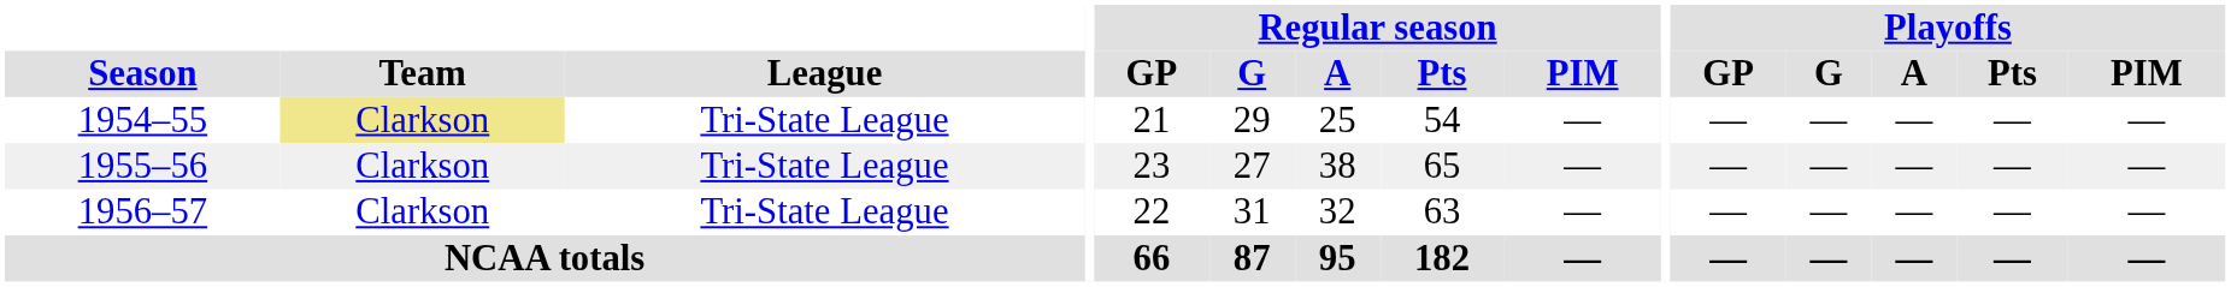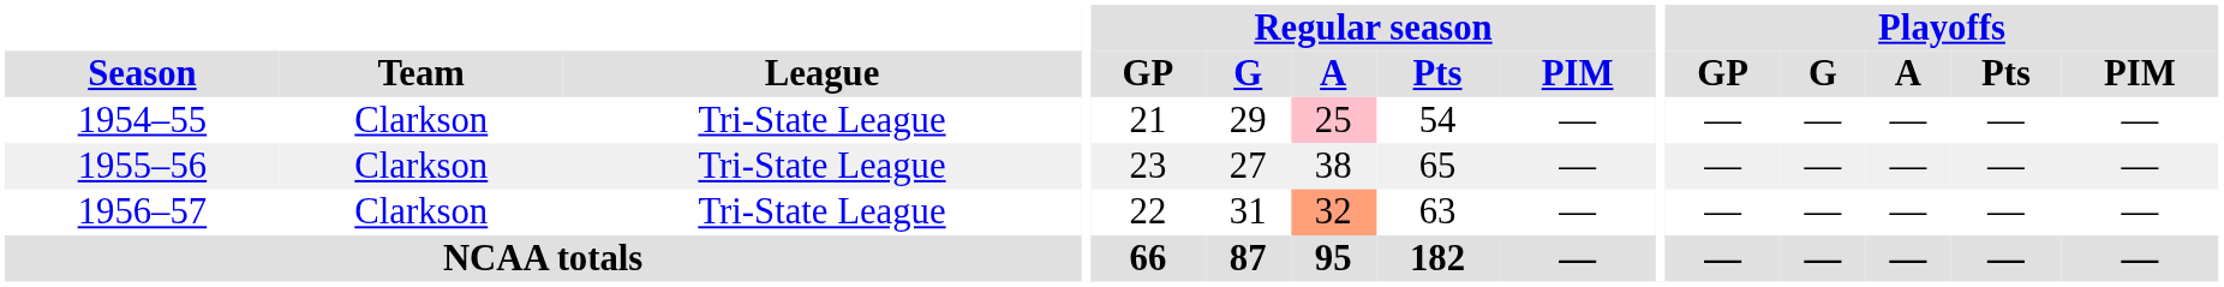 <table border="0" cellpadding="1" cellspacing="0" style="text-align:center; width:60em">
 <tr bgcolor="#e0e0e0">
 <th colspan="3" bgcolor="#ffffff"></th>
 <th rowspan="99" bgcolor="#ffffff"></th>
 <th colspan="5"><a href='#'>Regular season</a></th>
 <th rowspan="99" bgcolor="#ffffff"></th>
 <th colspan="5"><a href='#'>Playoffs</a></th>
 </tr>
 <tr bgcolor="#e0e0e0">
 <th><a href='#'>Season</a></th>
 <th>Team</th>
 <th>League</th>
 <th>GP</th>
 <th><a href='#'>G</a></th>
 <th><a href='#'>A</a></th>
 <th><a href='#'>Pts</a></th>
 <th><a href='#'>PIM</a></th>
 <th>GP</th>
 <th>G</th>
 <th>A</th>
 <th>Pts</th>
 <th>PIM</th>
 </tr>
 <tr>
 <td><a href='#'>1954–55</a></td>
-<td style="background: khaki;"><a href='#'>Clarkson</a></td>
+<td><a href='#'>Clarkson</a></td>
 <td><a href='#'>Tri-State League</a></td>
 <td>21</td>
 <td>29</td>
-<td>25</td>
+<td style="background: pink;">25</td>
 <td>54</td>
 <td>—</td>
 <td>—</td>
 <td>—</td>
 <td>—</td>
 <td>—</td>
 <td>—</td>
 </tr>
 <tr bgcolor="f0f0f0">
 <td><a href='#'>1955–56</a></td>
 <td><a href='#'>Clarkson</a></td>
 <td><a href='#'>Tri-State League</a></td>
 <td>23</td>
 <td>27</td>
 <td>38</td>
 <td>65</td>
 <td>—</td>
 <td>—</td>
 <td>—</td>
 <td>—</td>
 <td>—</td>
 <td>—</td>
 </tr>
 <tr>
 <td><a href='#'>1956–57</a></td>
 <td><a href='#'>Clarkson</a></td>
 <td><a href='#'>Tri-State League</a></td>
 <td>22</td>
 <td>31</td>
-<td>32</td>
+<td style="background: lightsalmon;">32</td>
 <td>63</td>
 <td>—</td>
 <td>—</td>
 <td>—</td>
 <td>—</td>
 <td>—</td>
 <td>—</td>
 </tr>
 <tr bgcolor="#e0e0e0">
 <th colspan="3">NCAA totals</th>
 <th>66</th>
 <th>87</th>
 <th>95</th>
 <th>182</th>
 <th>—</th>
 <th>—</th>
 <th>—</th>
 <th>—</th>
 <th>—</th>
 <th>—</th>
 </tr>
 </table>
